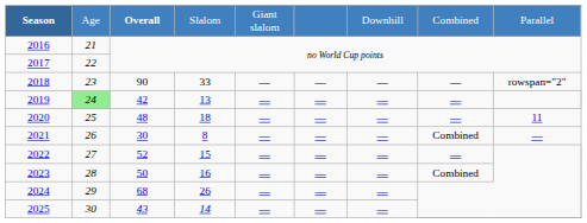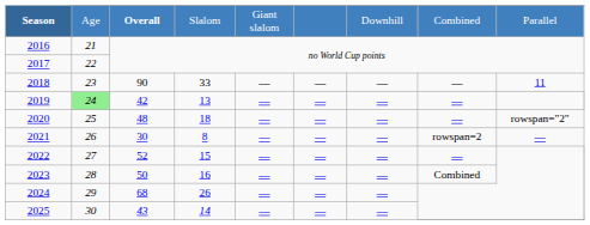 <table class="wikitable"  style="font-size:95%; text-align:center; border:gray solid 1px; width:40%;">
 <tr style="background:#369; color:white;">
 <td rowspan="2" style="width:6%;"><strong>Season</strong></td>
 </tr>
 <tr style="background:#4180be; color:white;">
 <td style="width:3%;">Age</td>
 <td style="width:5%;"><strong>Overall</strong></td>
 <td style="width:5%;">Slalom</td>
 <td style="width:5%;">Giant<br>slalom</td>
 <td style="width:5%;"></td>
 <td style="width:5%;">Downhill</td>
 <td style="width:5%;">Combined</td>
 <td style="width:5%;">Parallel</td>
 </tr>
 <tr>
 <td><a href='#'>2016</a></td>
 <td><em>21</em></td>
 <td colspan="7" rowspan="2"><small><em>no World Cup points</em></small></td>
 </tr>
 <tr>
 <td><a href='#'>2017</a></td>
 <td><em>22</em></td>
 </tr>
 <tr>
 <td><a href='#'>2018</a></td>
 <td><em>23</em></td>
 <td>90</td>
 <td>33</td>
 <td>—</td>
 <td>—</td>
 <td>—</td>
 <td>—</td>
-<td>rowspan="2" </td>
+<td><a href='#'>11</a></td>
 </tr>
 <tr>
 <td><a href='#'>2019</a></td>
 <td style="background: lightgreen;"><em>24</em></td>
 <td><a href='#'>42</a></td>
 <td><a href='#'>13</a></td>
 <td><a href='#'>—</a></td>
 <td><a href='#'>—</a></td>
 <td><a href='#'>—</a></td>
 <td><a href='#'>—</a></td>
 </tr>
 <tr>
 <td><a href='#'>2020</a></td>
 <td><em>25</em></td>
 <td><a href='#'>48</a></td>
 <td><a href='#'>18</a></td>
 <td><a href='#'>—</a></td>
 <td><a href='#'>—</a></td>
 <td><a href='#'>—</a></td>
 <td><a href='#'>—</a></td>
-<td><a href='#'>11</a></td>
+<td>rowspan="2" </td>
 </tr>
 <tr>
 <td><a href='#'>2021</a></td>
 <td><em>26</em></td>
 <td><a href='#'>30</a></td>
 <td><a href='#'>8</a></td>
 <td><a href='#'>—</a></td>
 <td><a href='#'>—</a></td>
 <td><a href='#'>—</a></td>
-<td style="width:5%;">Combined</td>
+<td>rowspan=2 </td>
 <td><a href='#'>—</a></td>
 </tr>
 <tr>
 <td><a href='#'>2022</a></td>
 <td><em>27</em></td>
 <td><a href='#'>52</a></td>
 <td><a href='#'>15</a></td>
 <td><a href='#'>—</a></td>
 <td><a href='#'>—</a></td>
 <td><a href='#'>—</a></td>
 <td><a href='#'>—</a></td>
 </tr>
 <tr>
 <td><a href='#'>2023</a></td>
 <td><em>28</em></td>
 <td><a href='#'>50</a></td>
 <td><a href='#'>16</a></td>
 <td><a href='#'>—</a></td>
 <td><a href='#'>—</a></td>
 <td><a href='#'>—</a></td>
 <td style="width:5%;">Combined</td>
 </tr>
 <tr>
 <td><a href='#'>2024</a></td>
 <td><em>29</em></td>
 <td><a href='#'>68</a></td>
 <td><a href='#'>26</a></td>
 <td><a href='#'>—</a></td>
 <td><a href='#'>—</a></td>
 <td><a href='#'>—</a></td>
 </tr>
 <tr>
 <td><a href='#'>2025</a></td>
 <td><em>30</em></td>
 <td><em><a href='#'>43</a></em></td>
 <td><em><a href='#'>14</a></em></td>
 <td><a href='#'>—</a></td>
 <td><a href='#'>—</a></td>
 <td><a href='#'>—</a></td>
 </tr>
 </table>
